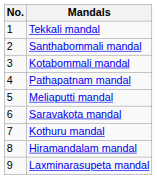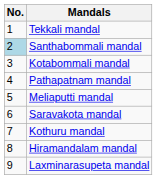 <table class="wikitable">
 <tr>
 <th>No.</th>
 <th>Mandals</th>
 </tr>
 <tr>
 <td>1</td>
 <td><a href='#'>Tekkali mandal</a></td>
 </tr>
 <tr>
-<td>2</td>
+<td style="background: lightblue;">2</td>
 <td><a href='#'>Santhabommali mandal</a></td>
 </tr>
 <tr>
 <td>3</td>
 <td><a href='#'>Kotabommali mandal</a></td>
 </tr>
 <tr>
 <td>4</td>
 <td><a href='#'>Pathapatnam mandal</a></td>
 </tr>
 <tr>
 <td>5</td>
 <td><a href='#'>Meliaputti mandal</a></td>
 </tr>
 <tr>
 <td>6</td>
 <td><a href='#'>Saravakota mandal</a></td>
 </tr>
 <tr>
 <td>7</td>
 <td><a href='#'>Kothuru mandal</a></td>
 </tr>
 <tr>
 <td>8</td>
 <td><a href='#'>Hiramandalam mandal</a></td>
 </tr>
 <tr>
 <td>9</td>
 <td><a href='#'>Laxminarasupeta mandal</a></td>
 </tr>
 </table>
